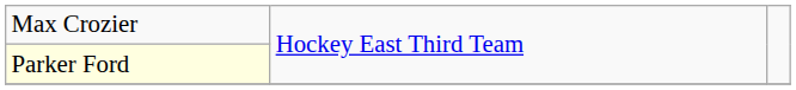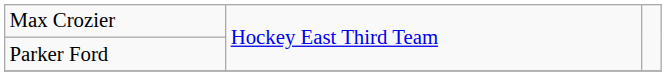 <table class="wikitable" width=40%>
 <tr>
 <td>Max Crozier</td>
 <td rowspan=2><a href='#'>Hockey East Third Team</a></td>
 <td rowspan=2></td>
 </tr>
 <tr>
-<td style="background: lightyellow;">Parker Ford</td>
+<td>Parker Ford</td>
 </tr>
 <tr>
 </tr>
 </table>
